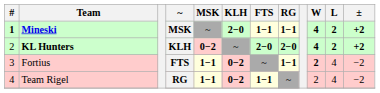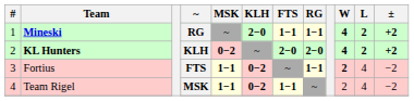 <table class="wikitable" style="font-size: 95%; text-align: center">
 <tr>
 <th style="width:15px;">#</th>
 <th style="width:200px;">Team</th>
 <th rowspan="12" style="width:5px;;"></th>
 <th>~</th>
 <th>MSK</th>
 <th style="width:35px;" title="">KLH</th>
 <th style="width:35px;" title="">FTS</th>
 <th>RG</th>
 <th rowspan="12" style="width:5px;;"></th>
 <th style="width:20px;" title="Wins">W</th>
 <th style="width:20px;" title="Losses">L</th>
 <th style="width:40px;">±</th>
 </tr>
 <tr style="background:#cfc;">
-<td><strong>1</strong></td>
+<td>1</td>
 <td style="text-align: left"> <strong><a href='#'>Mineski</a></strong></td>
-<th>MSK</th>
+<th>RG</th>
 <td style="background:#aaa;">~</td>
 <td style="background:#cfc;"><strong>2−0</strong></td>
 <td style="background:#ffd;"><strong>1−1</strong></td>
 <td style="background:#ffd;"><strong>1−1</strong></td>
 <td><strong>4</strong></td>
 <td><strong>2</strong></td>
 <td><strong>+2</strong></td>
 </tr>
 <tr style="background:#cfc;">
 <td>2</td>
 <td style="text-align: left"> <strong>KL Hunters</strong></td>
 <th>KLH</th>
 <td style="background:#fcc;"><strong>0−2</strong></td>
 <td style="background:#aaa;">~</td>
 <td style="background:#cfc;"><strong>2−0</strong></td>
 <td style="background:#cfc;"><strong>2−0</strong></td>
 <td><strong>4</strong></td>
 <td><strong>2</strong></td>
 <td><strong>+2</strong></td>
 </tr>
 <tr style="background:#fcc;">
 <td>3</td>
 <td style="text-align: left"> Fortius</td>
 <th>FTS</th>
 <td style="background:#ffd;"><strong>1−1</strong></td>
 <td style="background:#fcc;"><strong>0−2</strong></td>
 <td style="background:#aaa;">~</td>
 <td style="background:#ffd;"><strong>1−1</strong></td>
 <td><strong>2</strong></td>
 <td>4</td>
 <td>−2</td>
 </tr>
 <tr style="background:#fcc;">
 <td>4</td>
 <td style="text-align: left"> ⁠Team Rigel</td>
-<th>RG</th>
+<th>MSK</th>
 <td style="background:#ffd;"><strong>1−1</strong></td>
 <td style="background:#fcc;"><strong>0−2</strong></td>
 <td style="background:#ffd;"><strong>1−1</strong></td>
 <td style="background:#aaa;">~</td>
 <td>2</td>
 <td>4</td>
 <td>−2</td>
 </tr>
 <tr>
 </tr>
 </table>
